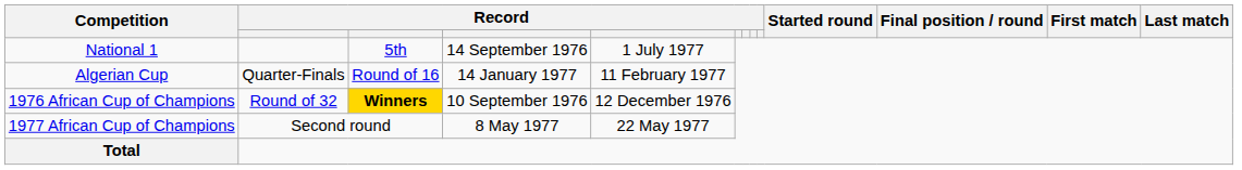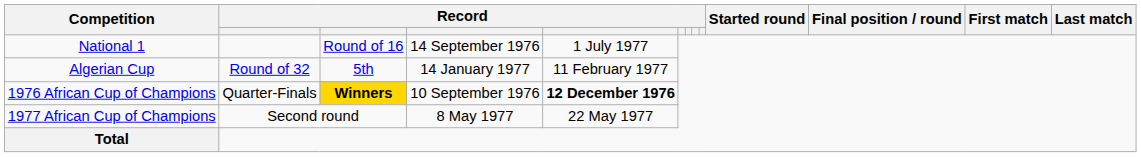 <table class="wikitable" style="text-align: center">
 <tr>
 <th rowspan=2>Competition</th>
 <th colspan=8>Record</th>
 <th rowspan=2>Started round</th>
 <th rowspan=2>Final position / round</th>
 <th rowspan=2>First match</th>
 <th rowspan=2>Last match</th>
 </tr>
 <tr>
 <th></th>
 <th></th>
 <th></th>
 <th></th>
 <th></th>
 <th></th>
 <th></th>
 <th></th>
 </tr>
 <tr>
 <td><a href='#'>National 1</a><br></td>
 <td></td>
-<td><a href='#'>5th</a></td>
+<td><a href='#'>Round of 16</a></td>
 <td>14 September 1976</td>
 <td>1 July 1977</td>
 </tr>
 <tr>
 <td><a href='#'>Algerian Cup</a><br></td>
-<td>Quarter-Finals</td>
-<td><a href='#'>Round of 16</a></td>
+<td><a href='#'>Round of 32</a></td>
+<td><a href='#'>5th</a></td>
 <td>14 January 1977</td>
 <td>11 February 1977</td>
 </tr>
 <tr>
 <td><a href='#'>1976 African Cup of Champions</a><br></td>
-<td><a href='#'>Round of 32</a></td>
+<td>Quarter-Finals</td>
 <td style="background:gold;"><strong>Winners</strong></td>
 <td>10 September 1976</td>
-<td>12 December 1976</td>
+<td><strong>12 December 1976</strong></td>
 </tr>
 <tr>
 <td><a href='#'>1977 African Cup of Champions</a><br></td>
 <td colspan=2>Second round</td>
 <td>8 May 1977</td>
 <td>22 May 1977</td>
 </tr>
 <tr>
 <th>Total<br></th>
 </tr>
 </table>
